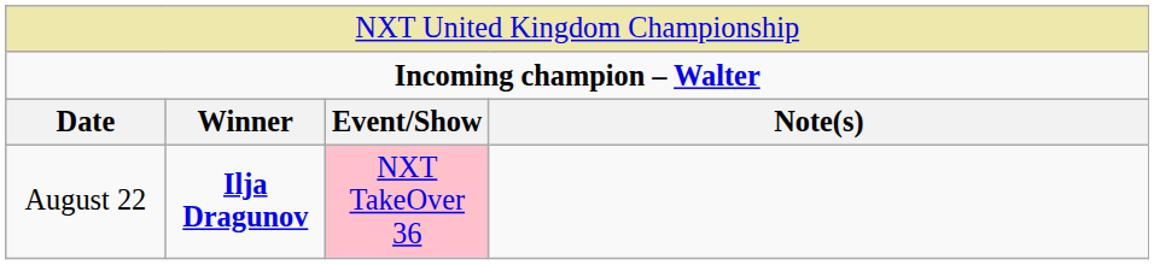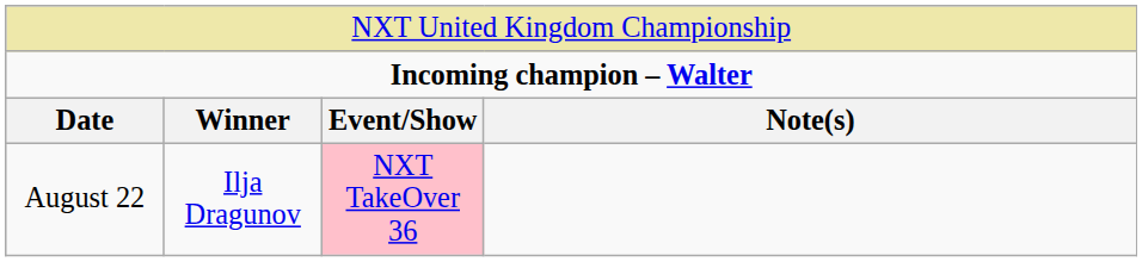 <table class="wikitable" style="text-align:center; width:100%;">
 <tr style="background:#EEE8AA;">
 <td colspan="4" style="text-align: center;"><a href='#'>NXT United Kingdom Championship</a></td>
 </tr>
 <tr>
 <td colspan="4" style="text-align: center;"><strong>Incoming champion – <a href='#'>Walter</a></strong></td>
 </tr>
 <tr>
 <th width=14%>Date</th>
 <th width=14%>Winner</th>
 <th width=14%>Event/Show</th>
 <th width=58%>Note(s)</th>
 </tr>
 <tr>
 <td>August 22</td>
-<td><strong><a href='#'>Ilja Dragunov</a></strong></td>
+<td><a href='#'>Ilja Dragunov</a></td>
 <td style="background: pink;"><a href='#'>NXT TakeOver 36</a></td>
 <td></td>
 </tr>
 </table>
